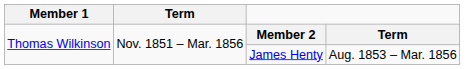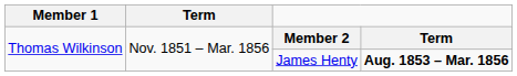 <table class="wikitable">
 <tr>
 <th>Member 1</th>
 <th>Term</th>
 </tr>
 <tr>
 <td rowspan = "2"><a href='#'>Thomas Wilkinson</a></td>
 <td rowspan = "2">Nov. 1851 – Mar. 1856</td>
 <th>Member 2</th>
 <th>Term</th>
 </tr>
 <tr>
 <td><a href='#'>James Henty</a></td>
-<td>Aug. 1853 – Mar. 1856</td>
+<td><strong>Aug. 1853 – Mar. 1856</strong></td>
 </tr>
 </table>
